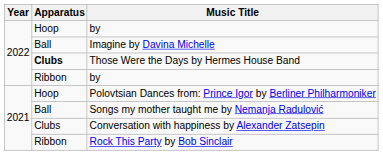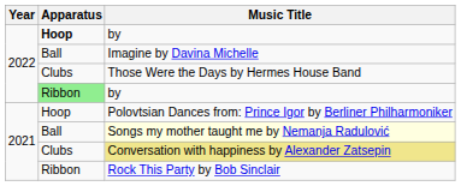 <table class="wikitable">
 <tr>
 <th>Year</th>
 <th>Apparatus</th>
 <th>Music Title</th>
 </tr>
 <tr>
 <td rowspan="4">2022</td>
-<td>Hoop</td>
+<td><strong>Hoop</strong></td>
 <td>by</td>
 </tr>
 <tr>
 <td>Ball</td>
 <td>Imagine by <a href='#'>Davina Michelle</a></td>
 </tr>
 <tr>
-<td><strong>Clubs</strong></td>
+<td>Clubs</td>
 <td>Those Were the Days by Hermes House Band</td>
 </tr>
 <tr>
-<td>Ribbon</td>
+<td style="background: lightgreen;">Ribbon</td>
 <td>by</td>
 </tr>
 <tr>
 <td rowspan="4">2021</td>
 <td>Hoop</td>
 <td>Polovtsian Dances from: <a href='#'>Prince Igor</a> by <a href='#'>Berliner Philharmoniker</a></td>
 </tr>
 <tr>
 <td>Ball</td>
-<td>Songs my mother taught me by <a href='#'>Nemanja Radulović</a></td>
+<td style="background: lightyellow;">Songs my mother taught me by <a href='#'>Nemanja Radulović</a></td>
 </tr>
 <tr>
 <td>Clubs</td>
-<td>Conversation with happiness by <a href='#'>Alexander Zatsepin</a></td>
+<td style="background: khaki;">Conversation with happiness by <a href='#'>Alexander Zatsepin</a></td>
 </tr>
 <tr>
 <td>Ribbon</td>
 <td><a href='#'>Rock This Party</a> by <a href='#'>Bob Sinclair</a></td>
 </tr>
 </table>
